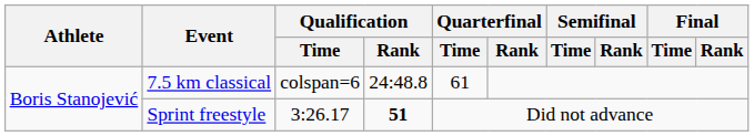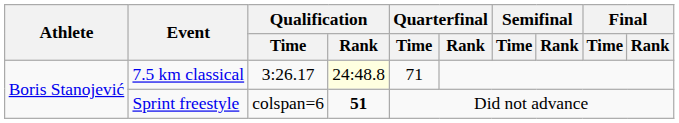 <table class="wikitable" style="font-size:90%">
 <tr>
 <th rowspan="2">Athlete</th>
 <th rowspan="2">Event</th>
 <th colspan="2">Qualification</th>
 <th colspan="2">Quarterfinal</th>
 <th colspan="2">Semifinal</th>
 <th colspan="2">Final</th>
 </tr>
 <tr style="font-size:95%">
 <th>Time</th>
 <th>Rank</th>
 <th>Time</th>
 <th>Rank</th>
 <th>Time</th>
 <th>Rank</th>
 <th>Time</th>
 <th>Rank</th>
 </tr>
 <tr align=center>
 <td align=left rowspan=2><a href='#'>Boris Stanojević</a></td>
 <td align=left><a href='#'>7.5 km classical</a></td>
-<td>colspan=6</td>
-<td>24:48.8</td>
-<td>61</td>
+<td>3:26.17</td>
+<td style="background: lightyellow;">24:48.8</td>
+<td>71</td>
 </tr>
 <tr align=center>
 <td align=left><a href='#'>Sprint freestyle</a></td>
-<td>3:26.17</td>
+<td>colspan=6</td>
 <td><strong>51</strong></td>
 <td colspan=6>Did not advance</td>
 </tr>
 </table>
